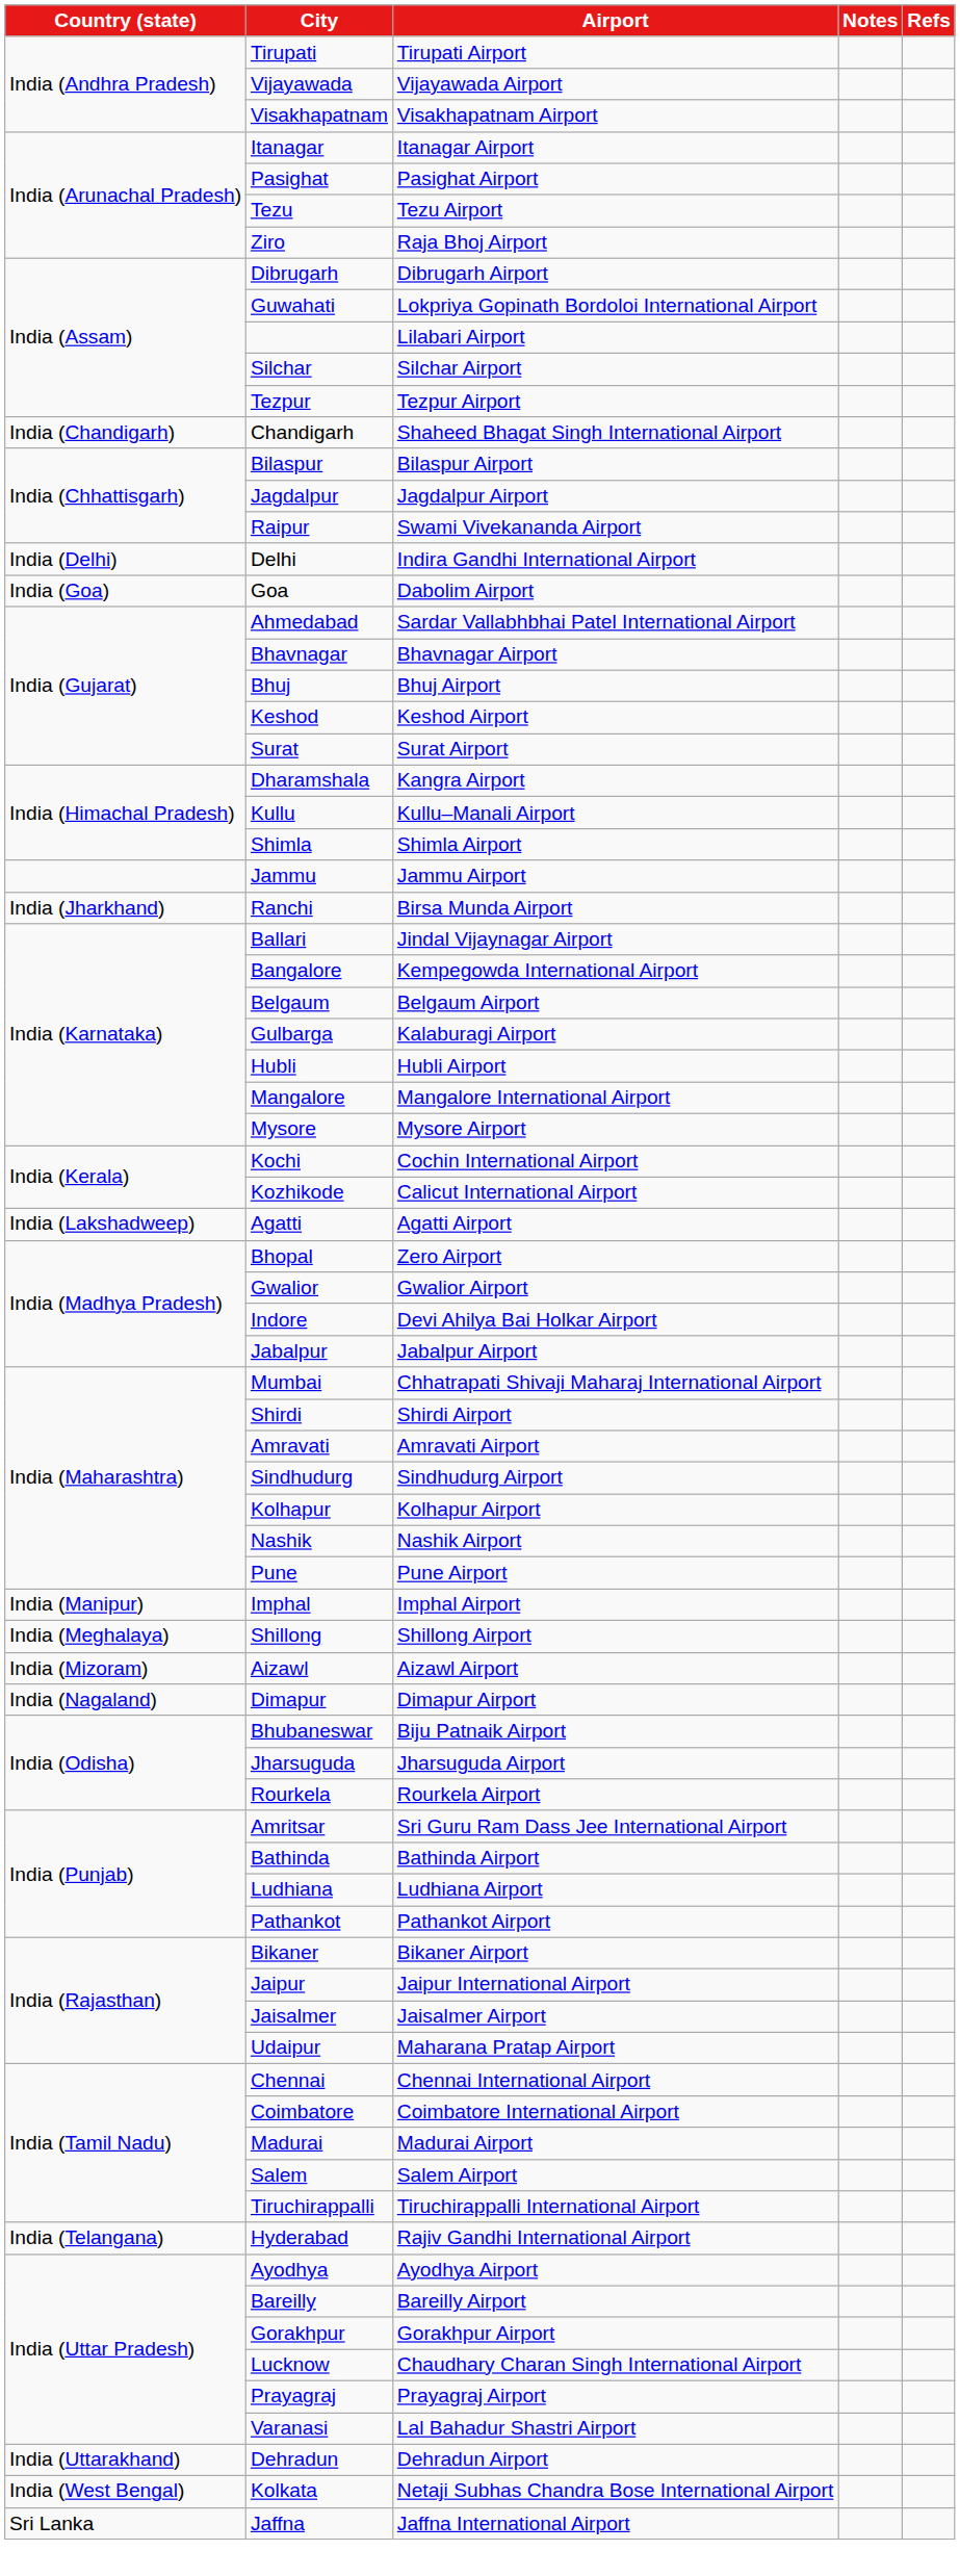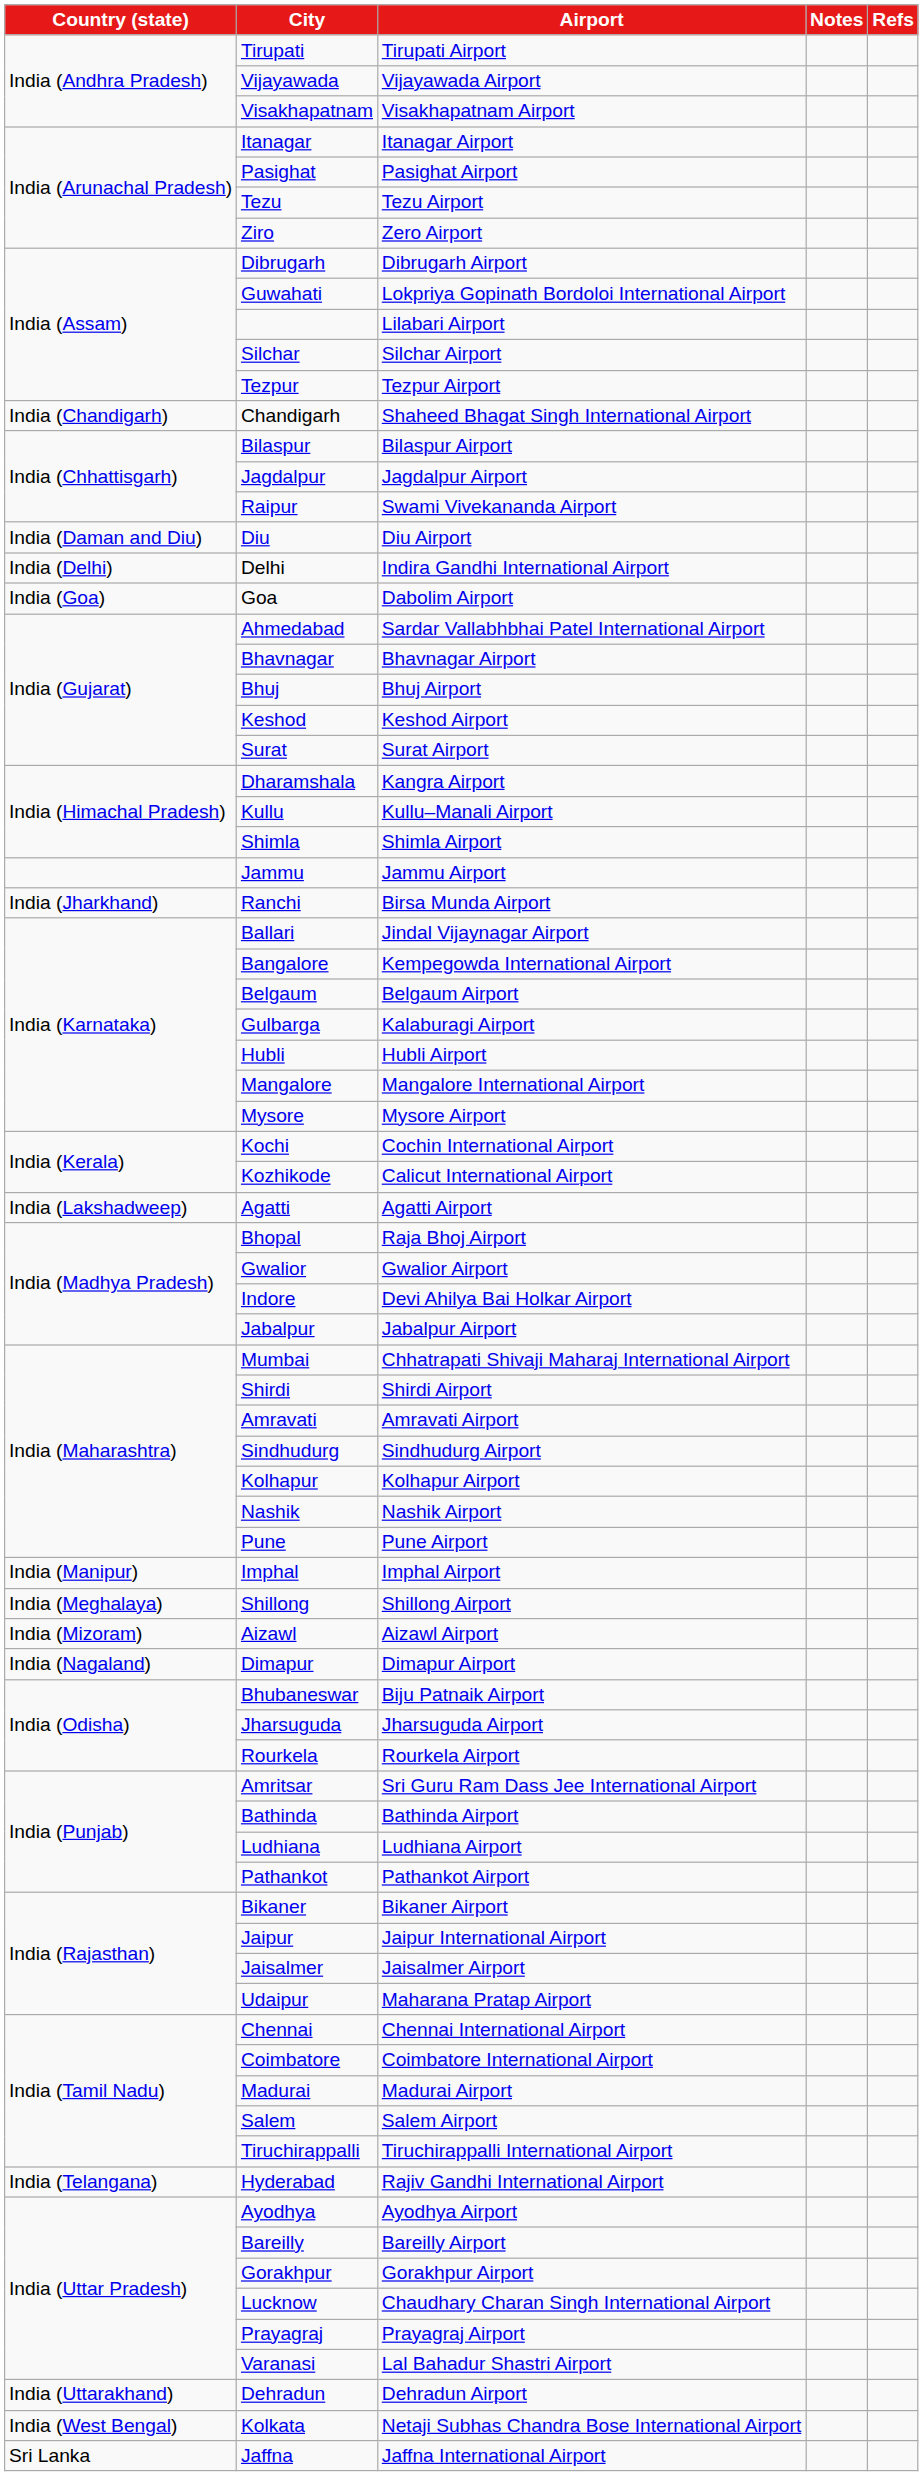 <table class="wikitable sortable">
 <tr>
 <th style="background:#E71818; color:#FFFFFF;">Country (state)</th>
 <th style="background:#E71818; color:#FFFFFF;">City</th>
 <th style="background:#E71818; color:#FFFFFF;">Airport</th>
 <th style="background:#E71818; color:#FFFFFF;">Notes</th>
 <th style="background:#E71818; color:#FFFFFF;" class="unsortable">Refs</th>
 </tr>
 <tr>
 <td rowspan="3">India (<a href='#'>Andhra Pradesh</a>)</td>
 <td><a href='#'>Tirupati</a></td>
 <td><a href='#'>Tirupati Airport</a></td>
 <td></td>
 <td align=center></td>
 </tr>
 <tr>
 <td><a href='#'>Vijayawada</a></td>
 <td><a href='#'>Vijayawada Airport</a></td>
 <td></td>
 </tr>
 <tr>
 <td><a href='#'>Visakhapatnam</a></td>
 <td><a href='#'>Visakhapatnam Airport</a></td>
 <td></td>
 <td align=center></td>
 </tr>
 <tr>
 <td rowspan="4">India (<a href='#'>Arunachal Pradesh</a>)</td>
 <td><a href='#'>Itanagar</a></td>
 <td><a href='#'>Itanagar Airport</a></td>
 <td></td>
 <td align=center></td>
 </tr>
 <tr>
 <td><a href='#'>Pasighat</a></td>
 <td><a href='#'>Pasighat Airport</a></td>
 <td></td>
 <td align=center></td>
 </tr>
 <tr>
 <td><a href='#'>Tezu</a></td>
 <td><a href='#'>Tezu Airport</a></td>
 <td></td>
 <td align=center></td>
 </tr>
 <tr>
 <td><a href='#'>Ziro</a></td>
-<td><a href='#'>Raja Bhoj Airport</a></td>
+<td><a href='#'>Zero Airport</a></td>
 <td></td>
 <td align=center></td>
 </tr>
 <tr>
 <td rowspan="5">India (<a href='#'>Assam</a>)</td>
 <td><a href='#'>Dibrugarh</a></td>
 <td><a href='#'>Dibrugarh Airport</a></td>
 <td></td>
 <td align=center></td>
 </tr>
 <tr>
 <td><a href='#'>Guwahati</a></td>
 <td><a href='#'>Lokpriya Gopinath Bordoloi International Airport</a></td>
 <td></td>
 <td></td>
 </tr>
 <tr>
 <td></td>
 <td><a href='#'>Lilabari Airport</a></td>
 <td></td>
 <td></td>
 </tr>
 <tr>
 <td><a href='#'>Silchar</a></td>
 <td><a href='#'>Silchar Airport</a></td>
 <td></td>
 <td align=center></td>
 </tr>
 <tr>
 <td><a href='#'>Tezpur</a></td>
 <td><a href='#'>Tezpur Airport</a></td>
 <td></td>
 <td></td>
 </tr>
 <tr>
 <td>India (<a href='#'>Chandigarh</a>)</td>
 <td>Chandigarh</td>
 <td><a href='#'>Shaheed Bhagat Singh International Airport</a></td>
 <td></td>
 <td></td>
 </tr>
 <tr>
 <td rowspan="3">India (<a href='#'>Chhattisgarh</a>)</td>
 <td><a href='#'>Bilaspur</a></td>
 <td><a href='#'>Bilaspur Airport</a></td>
 <td></td>
 <td></td>
 </tr>
 <tr>
 <td><a href='#'>Jagdalpur</a></td>
 <td><a href='#'>Jagdalpur Airport</a></td>
 <td></td>
 <td></td>
 </tr>
 <tr>
 <td><a href='#'>Raipur</a></td>
 <td><a href='#'>Swami Vivekananda Airport</a></td>
+<td></td>
+<td></td>
+</tr>
+<tr>
+<td>India (<a href='#'>Daman and Diu</a>)</td>
+<td><a href='#'>Diu</a></td>
+<td><a href='#'>Diu Airport</a></td>
 <td></td>
 <td></td>
 </tr>
 <tr>
 <td>India (<a href='#'>Delhi</a>)</td>
 <td>Delhi</td>
 <td><a href='#'>Indira Gandhi International Airport</a></td>
 <td></td>
 <td align=center></td>
 </tr>
 <tr>
 <td>India (<a href='#'>Goa</a>)</td>
 <td>Goa</td>
 <td><a href='#'>Dabolim Airport</a></td>
 <td></td>
 <td></td>
 </tr>
 <tr>
 <td rowspan="5">India (<a href='#'>Gujarat</a>)</td>
 <td><a href='#'>Ahmedabad</a></td>
 <td><a href='#'>Sardar Vallabhbhai Patel International Airport</a></td>
 <td></td>
 <td></td>
 </tr>
 <tr>
 <td><a href='#'>Bhavnagar</a></td>
 <td><a href='#'>Bhavnagar Airport</a></td>
 <td></td>
 <td></td>
 </tr>
 <tr>
 <td><a href='#'>Bhuj</a></td>
 <td><a href='#'>Bhuj Airport</a></td>
 <td></td>
 <td></td>
 </tr>
 <tr>
 <td><a href='#'>Keshod</a></td>
 <td><a href='#'>Keshod Airport</a></td>
 <td></td>
 <td></td>
 </tr>
 <tr>
 <td><a href='#'>Surat</a></td>
 <td><a href='#'>Surat Airport</a></td>
 <td></td>
 <td></td>
 </tr>
 <tr>
 <td rowspan="3">India (<a href='#'>Himachal Pradesh</a>)</td>
 <td><a href='#'>Dharamshala</a></td>
 <td><a href='#'>Kangra Airport</a></td>
 <td></td>
 <td></td>
 </tr>
 <tr>
 <td><a href='#'>Kullu</a></td>
 <td><a href='#'>Kullu–Manali Airport</a></td>
 <td></td>
 <td></td>
 </tr>
 <tr>
 <td><a href='#'>Shimla</a></td>
 <td><a href='#'>Shimla Airport</a></td>
 <td></td>
 <td></td>
 </tr>
 <tr>
 <td></td>
 <td><a href='#'>Jammu</a></td>
 <td><a href='#'>Jammu Airport</a></td>
 <td></td>
 <td align=center></td>
 </tr>
 <tr>
 <td>India (<a href='#'>Jharkhand</a>)</td>
 <td><a href='#'>Ranchi</a></td>
 <td><a href='#'>Birsa Munda Airport</a></td>
 <td></td>
 <td></td>
 </tr>
 <tr>
 <td rowspan="7">India (<a href='#'>Karnataka</a>)</td>
 <td><a href='#'>Ballari</a></td>
 <td><a href='#'>Jindal Vijaynagar Airport</a></td>
 <td></td>
 <td align=center></td>
 </tr>
 <tr>
 <td><a href='#'>Bangalore</a></td>
 <td><a href='#'>Kempegowda International Airport</a></td>
 <td></td>
 <td align=center></td>
 </tr>
 <tr>
 <td><a href='#'>Belgaum</a></td>
 <td><a href='#'>Belgaum Airport</a></td>
 <td></td>
 <td></td>
 </tr>
 <tr>
 <td><a href='#'>Gulbarga</a></td>
 <td><a href='#'>Kalaburagi Airport</a></td>
 <td></td>
 <td align=center></td>
 </tr>
 <tr>
 <td><a href='#'>Hubli</a></td>
 <td><a href='#'>Hubli Airport</a></td>
 <td></td>
 <td></td>
 </tr>
 <tr>
 <td><a href='#'>Mangalore</a></td>
 <td><a href='#'>Mangalore International Airport</a></td>
 <td></td>
 <td align=center></td>
 </tr>
 <tr>
 <td><a href='#'>Mysore</a></td>
 <td><a href='#'>Mysore Airport</a></td>
 <td></td>
 <td></td>
 </tr>
 <tr>
 <td rowspan="2">India (<a href='#'>Kerala</a>)</td>
 <td><a href='#'>Kochi</a></td>
 <td><a href='#'>Cochin International Airport</a></td>
 <td></td>
 <td></td>
 </tr>
 <tr>
 <td><a href='#'>Kozhikode</a></td>
 <td><a href='#'>Calicut International Airport</a></td>
 <td></td>
 <td></td>
 </tr>
 <tr>
 <td>India (<a href='#'>Lakshadweep</a>)</td>
 <td><a href='#'>Agatti</a></td>
 <td><a href='#'>Agatti Airport</a></td>
 <td></td>
 <td></td>
 </tr>
 <tr>
 <td rowspan="4">India (<a href='#'>Madhya Pradesh</a>)</td>
 <td><a href='#'>Bhopal</a></td>
-<td><a href='#'>Zero Airport</a></td>
+<td><a href='#'>Raja Bhoj Airport</a></td>
 <td></td>
 <td></td>
 </tr>
 <tr>
 <td><a href='#'>Gwalior</a></td>
 <td><a href='#'>Gwalior Airport</a></td>
 <td></td>
 <td></td>
 </tr>
 <tr>
 <td><a href='#'>Indore</a></td>
 <td><a href='#'>Devi Ahilya Bai Holkar Airport</a></td>
 <td></td>
 <td></td>
 </tr>
 <tr>
 <td><a href='#'>Jabalpur</a></td>
 <td><a href='#'>Jabalpur Airport</a></td>
 <td></td>
 <td></td>
 </tr>
 <tr>
 <td rowspan="7">India (<a href='#'>Maharashtra</a>)</td>
 <td><a href='#'>Mumbai</a></td>
 <td><a href='#'>Chhatrapati Shivaji Maharaj International Airport</a></td>
 <td></td>
 <td align=center></td>
 </tr>
 <tr>
 <td><a href='#'>Shirdi</a></td>
 <td><a href='#'>Shirdi Airport</a></td>
 <td></td>
 <td></td>
 </tr>
 <tr>
 <td><a href='#'>Amravati</a></td>
 <td><a href='#'>Amravati Airport</a></td>
 <td></td>
 <td></td>
 </tr>
 <tr>
 <td><a href='#'>Sindhudurg</a></td>
 <td><a href='#'>Sindhudurg Airport</a></td>
 <td></td>
 <td></td>
 </tr>
 <tr>
 <td><a href='#'>Kolhapur</a></td>
 <td><a href='#'>Kolhapur Airport</a></td>
 <td></td>
 <td></td>
 </tr>
 <tr>
 <td><a href='#'>Nashik</a></td>
 <td><a href='#'>Nashik Airport</a></td>
 <td></td>
 <td></td>
 </tr>
 <tr>
 <td><a href='#'>Pune</a></td>
 <td><a href='#'>Pune Airport</a></td>
 <td></td>
 <td></td>
 </tr>
 <tr>
 <td>India (<a href='#'>Manipur</a>)</td>
 <td><a href='#'>Imphal</a></td>
 <td><a href='#'>Imphal Airport</a></td>
 <td></td>
 <td align=center></td>
 </tr>
 <tr>
 <td>India (<a href='#'>Meghalaya</a>)</td>
 <td><a href='#'>Shillong</a></td>
 <td><a href='#'>Shillong Airport</a></td>
 <td></td>
 <td align=center></td>
 </tr>
 <tr>
 <td>India (<a href='#'>Mizoram</a>)</td>
 <td><a href='#'>Aizawl</a></td>
 <td><a href='#'>Aizawl Airport</a></td>
 <td></td>
 <td align=center></td>
 </tr>
 <tr>
 <td>India (<a href='#'>Nagaland</a>)</td>
 <td><a href='#'>Dimapur</a></td>
 <td><a href='#'>Dimapur Airport</a></td>
 <td></td>
 <td align=center></td>
 </tr>
 <tr>
 <td rowspan="3”">India (<a href='#'>Odisha</a>)</td>
 <td><a href='#'>Bhubaneswar</a></td>
 <td><a href='#'>Biju Patnaik Airport</a></td>
 <td></td>
 <td></td>
 </tr>
 <tr>
 <td><a href='#'>Jharsuguda</a></td>
 <td><a href='#'>Jharsuguda Airport</a></td>
 <td></td>
 <td align=center></td>
 </tr>
 <tr>
 <td><a href='#'>Rourkela</a></td>
 <td><a href='#'>Rourkela Airport</a></td>
 <td></td>
 <td align=center></td>
 </tr>
 <tr>
 <td rowspan="4">India (<a href='#'>Punjab</a>)</td>
 <td><a href='#'>Amritsar</a></td>
 <td><a href='#'>Sri Guru Ram Dass Jee International Airport</a></td>
 <td></td>
 <td align=center></td>
 </tr>
 <tr>
 <td><a href='#'>Bathinda</a></td>
 <td><a href='#'>Bathinda Airport</a></td>
 <td></td>
 <td align=center></td>
 </tr>
 <tr>
 <td><a href='#'>Ludhiana</a></td>
 <td><a href='#'>Ludhiana Airport</a></td>
 <td></td>
 <td></td>
 </tr>
 <tr>
 <td><a href='#'>Pathankot</a></td>
 <td><a href='#'>Pathankot Airport</a></td>
 <td></td>
 <td></td>
 </tr>
 <tr>
 <td rowspan="4">India (<a href='#'>Rajasthan</a>)</td>
 <td><a href='#'>Bikaner</a></td>
 <td><a href='#'>Bikaner Airport</a></td>
 <td></td>
 <td align=center></td>
 </tr>
 <tr>
 <td><a href='#'>Jaipur</a></td>
 <td><a href='#'>Jaipur International Airport</a></td>
 <td></td>
 <td align=center></td>
 </tr>
 <tr>
 <td><a href='#'>Jaisalmer</a></td>
 <td><a href='#'>Jaisalmer Airport</a></td>
 <td></td>
 <td align=center></td>
 </tr>
 <tr>
 <td><a href='#'>Udaipur</a></td>
 <td><a href='#'>Maharana Pratap Airport</a></td>
 <td></td>
 <td></td>
 </tr>
 <tr>
 <td rowspan="5">India (<a href='#'>Tamil Nadu</a>)</td>
 <td><a href='#'>Chennai</a></td>
 <td><a href='#'>Chennai International Airport</a></td>
 <td></td>
 <td align=center></td>
 </tr>
 <tr>
 <td><a href='#'>Coimbatore</a></td>
 <td><a href='#'>Coimbatore International Airport</a></td>
 <td></td>
 <td align=center></td>
 </tr>
 <tr>
 <td><a href='#'>Madurai</a></td>
 <td><a href='#'>Madurai Airport</a></td>
 <td></td>
 <td></td>
 </tr>
 <tr>
 <td><a href='#'>Salem</a></td>
 <td><a href='#'>Salem Airport</a></td>
 <td></td>
 <td align=center></td>
 </tr>
 <tr>
 <td><a href='#'>Tiruchirappalli</a></td>
 <td><a href='#'>Tiruchirappalli International Airport</a></td>
 <td></td>
 <td align=center></td>
 </tr>
 <tr>
 <td>India (<a href='#'>Telangana</a>)</td>
 <td><a href='#'>Hyderabad</a></td>
 <td><a href='#'>Rajiv Gandhi International Airport</a></td>
 <td></td>
 <td></td>
 </tr>
 <tr>
 <td rowspan="6">India (<a href='#'>Uttar Pradesh</a>)</td>
 <td><a href='#'>Ayodhya</a></td>
 <td><a href='#'>Ayodhya Airport</a></td>
 <td></td>
 <td align=center></td>
 </tr>
 <tr>
 <td><a href='#'>Bareilly</a></td>
 <td><a href='#'>Bareilly Airport</a></td>
 <td></td>
 <td align=center></td>
 </tr>
 <tr>
 <td><a href='#'>Gorakhpur</a></td>
 <td><a href='#'>Gorakhpur Airport</a></td>
 <td></td>
 <td></td>
 </tr>
 <tr>
 <td><a href='#'>Lucknow</a></td>
 <td><a href='#'>Chaudhary Charan Singh International Airport</a></td>
 <td></td>
 <td align=center></td>
 </tr>
 <tr>
 <td><a href='#'>Prayagraj</a></td>
 <td><a href='#'>Prayagraj Airport</a></td>
 <td></td>
 <td align=center></td>
 </tr>
 <tr>
 <td><a href='#'>Varanasi</a></td>
 <td><a href='#'>Lal Bahadur Shastri Airport</a></td>
 <td></td>
 <td align=center></td>
 </tr>
 <tr>
 <td>India (<a href='#'>Uttarakhand</a>)</td>
 <td><a href='#'>Dehradun</a></td>
 <td><a href='#'>Dehradun Airport</a></td>
 <td></td>
 <td></td>
 </tr>
 <tr>
 <td>India (<a href='#'>West Bengal</a>)</td>
 <td><a href='#'>Kolkata</a></td>
 <td><a href='#'>Netaji Subhas Chandra Bose International Airport</a></td>
 <td></td>
 <td align=center></td>
 </tr>
 <tr>
 <td>Sri Lanka</td>
 <td><a href='#'>Jaffna</a></td>
 <td><a href='#'>Jaffna International Airport</a></td>
 <td></td>
 <td align=center></td>
 </tr>
 </table>
